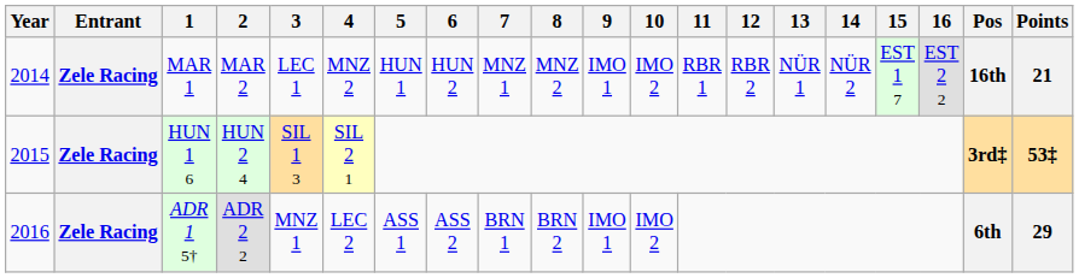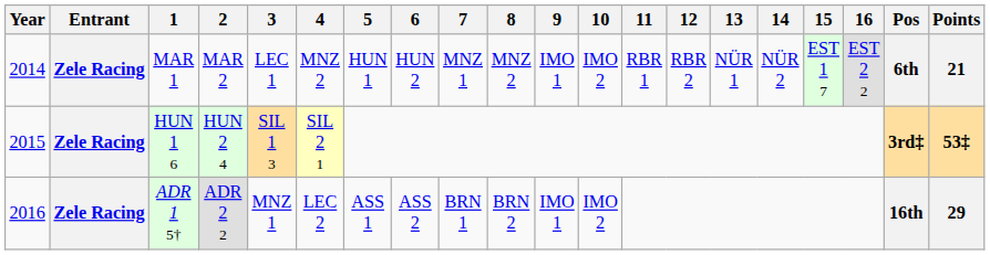 <table class="wikitable" style="text-align:center; font-size:85%">
 <tr>
 <th>Year</th>
 <th>Entrant</th>
 <th>1</th>
 <th>2</th>
 <th>3</th>
 <th>4</th>
 <th>5</th>
 <th>6</th>
 <th>7</th>
 <th>8</th>
 <th>9</th>
 <th>10</th>
 <th>11</th>
 <th>12</th>
 <th>13</th>
 <th>14</th>
 <th>15</th>
 <th>16</th>
 <th>Pos</th>
 <th>Points</th>
 </tr>
 <tr>
 <td><a href='#'>2014</a></td>
 <th nowrap><a href='#'>Zele Racing</a></th>
 <td><a href='#'>MAR<br>1</a></td>
 <td><a href='#'>MAR<br>2</a></td>
 <td><a href='#'>LEC<br>1</a></td>
 <td><a href='#'>MNZ<br>2</a></td>
 <td><a href='#'>HUN<br>1</a></td>
 <td><a href='#'>HUN<br>2</a></td>
 <td><a href='#'>MNZ<br>1</a></td>
 <td><a href='#'>MNZ<br>2</a></td>
 <td><a href='#'>IMO<br>1</a></td>
 <td><a href='#'>IMO<br>2</a></td>
 <td><a href='#'>RBR<br>1</a></td>
 <td><a href='#'>RBR<br>2</a></td>
 <td><a href='#'>NÜR<br>1</a></td>
 <td><a href='#'>NÜR<br>2</a></td>
 <td style="background:#DFFFDF;"><a href='#'>EST<br>1</a><br><small>7</small></td>
 <td style="background:#DFDFDF;"><a href='#'>EST<br>2</a><br><small>2</small></td>
-<th>16th</th>
+<th>6th</th>
 <th>21</th>
 </tr>
 <tr>
 <td><a href='#'>2015</a></td>
 <th nowrap><a href='#'>Zele Racing</a></th>
 <td style="background:#DFFFDF;"><a href='#'>HUN<br>1</a><br><small>6</small></td>
 <td style="background:#DFFFDF;"><a href='#'>HUN<br>2</a><br><small>4</small></td>
 <td style="background:#FFDF9F;"><a href='#'>SIL<br>1</a><br><small>3</small></td>
 <td style="background:#FFFFBF;"><a href='#'>SIL<br>2</a><br><small>1</small></td>
 <td colspan=12></td>
 <th style="background:#FFDF9F;">3rd‡</th>
 <th style="background:#FFDF9F;">53‡</th>
 </tr>
 <tr>
 <td><a href='#'>2016</a></td>
 <th nowrap><a href='#'>Zele Racing</a></th>
 <td style="background:#DFFFDF;"><em><a href='#'>ADR<br>1</a></em><br><small>5†</small></td>
 <td style="background:#DFDFDF;"><a href='#'>ADR<br>2</a><br><small>2</small></td>
 <td><a href='#'>MNZ<br>1</a></td>
 <td><a href='#'>LEC<br>2</a></td>
 <td><a href='#'>ASS<br>1</a></td>
 <td><a href='#'>ASS<br>2</a></td>
 <td><a href='#'>BRN<br>1</a></td>
 <td><a href='#'>BRN<br>2</a></td>
 <td><a href='#'>IMO<br>1</a></td>
 <td><a href='#'>IMO<br>2</a></td>
 <td colspan=6></td>
-<th>6th</th>
+<th>16th</th>
 <th>29</th>
 </tr>
 </table>
